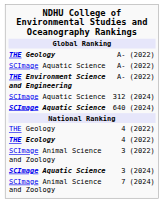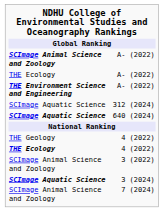 <table class="infobox" style="width:22em; text-align:center; font-size:88%;">
 <tr>
 <td colspan=2 style="font-size:125%; text-align:center"><strong>NDHU College of Environmental Studies and Oceanography Rankings</strong></td>
 </tr>
 <tr>
 <th colspan="2" style="background:lavender ;text-align:center">Global Ranking</th>
 </tr>
 <tr>
-<td style="text-align:left; width:70%"><strong><em><a href='#'>THE</a><em> Geology<strong></td>
+<td style="text-align:left; width:60%"><strong><em><a href='#'>SCImage</a><em> Animal Science and Zoology<strong></td>
 <td style="text-align:right;">A- (2022)</td>
 </tr>
 <tr>
-<td style="text-align:left; width:60%"></em></strong><a href='#'>SCImage</a></em> Aquatic Science</strong></td>
+<td style="text-align:left; width:70%"></em></strong><a href='#'>THE</a></em> Ecology</strong></td>
 <td style="text-align:right;">A- (2022)</td>
 </tr>
 <tr>
 <td style="text-align:left; width:70%"><strong><em><a href='#'>THE</a><em> Environment Science and Engineering<strong></td>
 <td style="text-align:right;">A- (2022)</td>
 </tr>
 <tr>
 <td style="text-align:left; width:60%"></em></strong><a href='#'>SCImage</a></em> Aquatic Science</strong></td>
 <td style="text-align:right;">312 (2024)</td>
 </tr>
 <tr>
 <td style="text-align:left; width:70%"><strong><em><a href='#'>SCImage</a><em> Aquatic Science<strong></td>
 <td style="text-align:right;">640 (2024)</td>
 </tr>
 <tr>
 <th colspan="2" style="background:lavender ;text-align:center">National Ranking</th>
 </tr>
 <tr>
 <td style="text-align:left; width:70%"></em></strong><a href='#'>THE</a></em> Geology</strong></td>
 <td style="text-align:right;">4 (2022)</td>
 </tr>
 <tr>
 <td style="text-align:left; width:70%"><strong><em><a href='#'>THE</a><em> Ecology<strong></td>
 <td style="text-align:right;">4 (2022)</td>
 </tr>
 <tr>
 <td style="text-align:left; width:70%"></em></strong><a href='#'>SCImage</a></em> Animal Science and Zoology</strong></td>
 <td style="text-align:right;">3 (2022)</td>
 </tr>
 <tr>
 <td style="text-align:left; width:70%"><strong><em><a href='#'>SCImage</a><em> Aquatic Science<strong></td>
 <td style="text-align:right;">3 (2024)</td>
 </tr>
 <tr>
 <td style="text-align:left; width:70%"></em></strong><a href='#'>SCImage</a></em> Animal Science and Zoology</strong></td>
 <td style="text-align:right;">7 (2024)</td>
 </tr>
 </table>
